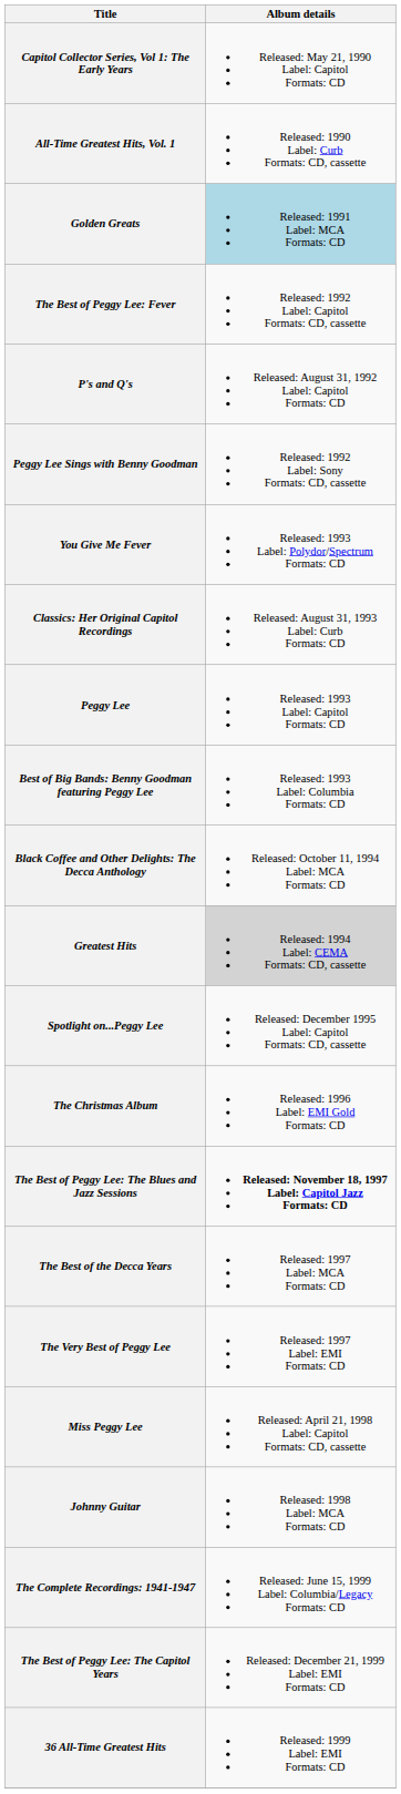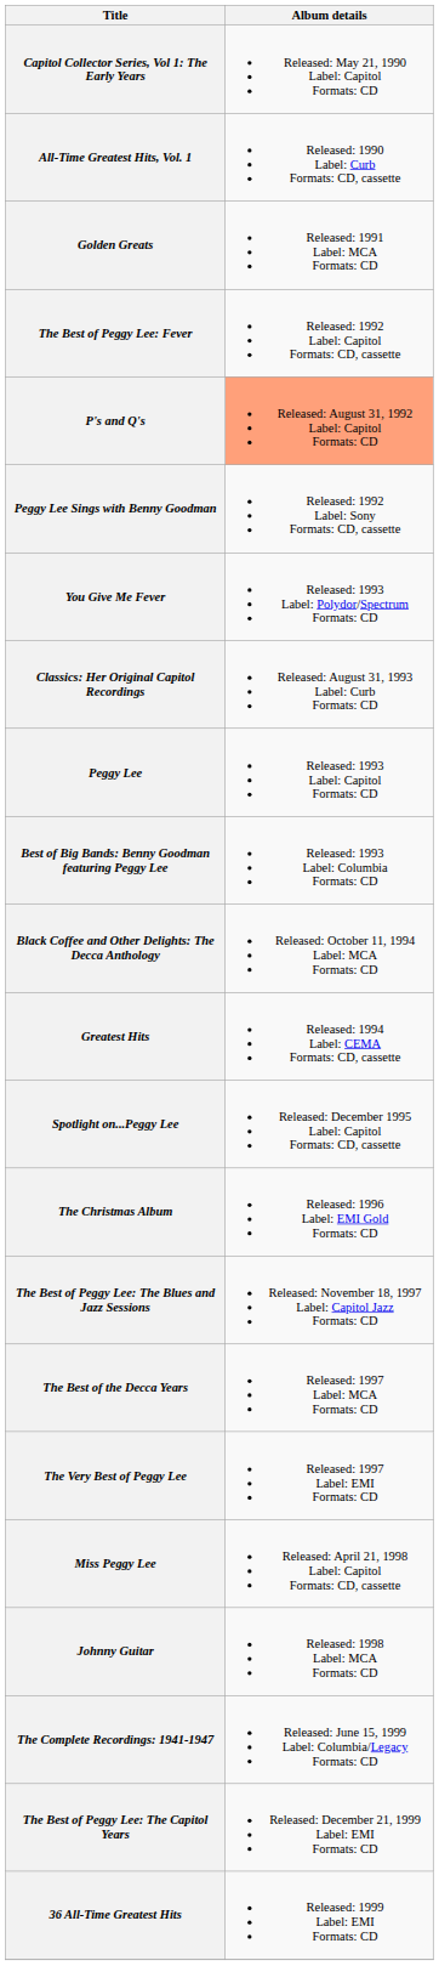 <table class="wikitable plainrowheaders" style="text-align:center;">
 <tr>
 <th scope="col" style="width:17em;">Title</th>
 <th scope="col" style="width:16em;">Album details</th>
 </tr>
 <tr>
 <th scope="row"><em>Capitol Collector Series, Vol 1: The Early Years</em></th>
 <td><br><ul><li>Released: May 21, 1990</li><li>Label: Capitol</li><li>Formats: CD</li></ul></td>
 </tr>
 <tr>
 <th scope="row"><em>All-Time Greatest Hits, Vol. 1</em></th>
 <td><br><ul><li>Released: 1990</li><li>Label: <a href='#'>Curb</a></li><li>Formats: CD, cassette</li></ul></td>
 </tr>
 <tr>
 <th scope="row"><em>Golden Greats</em></th>
-<td style="background: lightblue;"><br><ul><li>Released: 1991</li><li>Label: MCA</li><li>Formats: CD</li></ul></td>
+<td><br><ul><li>Released: 1991</li><li>Label: MCA</li><li>Formats: CD</li></ul></td>
 </tr>
 <tr>
 <th scope="row"><em>The Best of Peggy Lee: Fever</em></th>
 <td><br><ul><li>Released: 1992</li><li>Label: Capitol</li><li>Formats: CD, cassette</li></ul></td>
 </tr>
 <tr>
 <th scope="row"><em>P's and Q's</em><br></th>
-<td><br><ul><li>Released: August 31, 1992</li><li>Label: Capitol</li><li>Formats: CD</li></ul></td>
+<td style="background: lightsalmon;"><br><ul><li>Released: August 31, 1992</li><li>Label: Capitol</li><li>Formats: CD</li></ul></td>
 </tr>
 <tr>
 <th scope="row"><em>Peggy Lee Sings with Benny Goodman</em><br></th>
 <td><br><ul><li>Released: 1992</li><li>Label: Sony</li><li>Formats: CD, cassette</li></ul></td>
 </tr>
 <tr>
 <th scope="row"><em>You Give Me Fever</em></th>
 <td><br><ul><li>Released: 1993</li><li>Label: <a href='#'>Polydor</a>/<a href='#'>Spectrum</a></li><li>Formats: CD</li></ul></td>
 </tr>
 <tr>
 <th scope="row"><em>Classics: Her Original Capitol Recordings</em></th>
 <td><br><ul><li>Released: August 31, 1993</li><li>Label: Curb</li><li>Formats: CD</li></ul></td>
 </tr>
 <tr>
 <th scope="row"><em>Peggy Lee</em></th>
 <td><br><ul><li>Released: 1993</li><li>Label: Capitol</li><li>Formats: CD</li></ul></td>
 </tr>
 <tr>
 <th scope="row"><em>Best of Big Bands: Benny Goodman featuring Peggy Lee</em></th>
 <td><br><ul><li>Released: 1993</li><li>Label: Columbia</li><li>Formats: CD</li></ul></td>
 </tr>
 <tr>
 <th scope="row"><em>Black Coffee and Other Delights: The Decca Anthology</em></th>
 <td><br><ul><li>Released: October 11, 1994</li><li>Label: MCA</li><li>Formats: CD</li></ul></td>
 </tr>
 <tr>
 <th scope="row"><em>Greatest Hits</em></th>
-<td style="background: lightgrey;"><br><ul><li>Released: 1994</li><li>Label: <a href='#'>CEMA</a></li><li>Formats: CD, cassette</li></ul></td>
+<td><br><ul><li>Released: 1994</li><li>Label: <a href='#'>CEMA</a></li><li>Formats: CD, cassette</li></ul></td>
 </tr>
 <tr>
 <th scope="row"><em>Spotlight on...Peggy Lee</em></th>
 <td><br><ul><li>Released: December 1995</li><li>Label: Capitol</li><li>Formats: CD, cassette</li></ul></td>
 </tr>
 <tr>
 <th scope="row"><em>The Christmas Album</em></th>
 <td><br><ul><li>Released: 1996</li><li>Label: <a href='#'>EMI Gold</a></li><li>Formats: CD</li></ul></td>
 </tr>
 <tr>
 <th scope="row"><em>The Best of Peggy Lee: The Blues and Jazz Sessions</em></th>
-<td><strong><br><ul><li>Released: November 18, 1997</li><li>Label: <a href='#'>Capitol Jazz</a></li><li>Formats: CD</li></ul></strong></td>
+<td><br><ul><li>Released: November 18, 1997</li><li>Label: <a href='#'>Capitol Jazz</a></li><li>Formats: CD</li></ul></td>
 </tr>
 <tr>
 <th scope="row"><em>The Best of the Decca Years</em></th>
 <td><br><ul><li>Released: 1997</li><li>Label: MCA</li><li>Formats:  CD</li></ul></td>
 </tr>
 <tr>
 <th scope="row"><em>The Very Best of Peggy Lee</em></th>
 <td><br><ul><li>Released: 1997</li><li>Label: EMI</li><li>Formats: CD</li></ul></td>
 </tr>
 <tr>
 <th scope="row"><em>Miss Peggy Lee</em></th>
 <td><br><ul><li>Released: April 21, 1998</li><li>Label: Capitol</li><li>Formats: CD, cassette</li></ul></td>
 </tr>
 <tr>
 <th scope="row"><em>Johnny Guitar</em></th>
 <td><br><ul><li>Released: 1998</li><li>Label: MCA</li><li>Formats: CD</li></ul></td>
 </tr>
 <tr>
 <th scope="row"><em>The Complete Recordings: 1941-1947</em></th>
 <td><br><ul><li>Released: June 15, 1999</li><li>Label: Columbia/<a href='#'>Legacy</a></li><li>Formats: CD</li></ul></td>
 </tr>
 <tr>
 <th scope="row"><em>The Best of Peggy Lee: The Capitol Years</em></th>
 <td><br><ul><li>Released: December 21, 1999</li><li>Label: EMI</li><li>Formats: CD</li></ul></td>
 </tr>
 <tr>
 <th scope="row"><em>36 All-Time Greatest Hits</em></th>
 <td><br><ul><li>Released: 1999</li><li>Label: EMI</li><li>Formats: CD</li></ul></td>
 </tr>
 <tr>
 </tr>
 </table>
